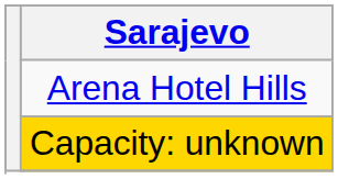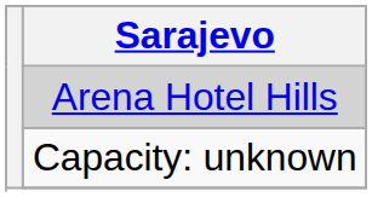 <table class="wikitable" style="text-align:center">
 <tr>
 <th rowspan="8" colspan="2"></th>
 <th><a href='#'>Sarajevo</a></th>
 </tr>
 <tr>
-<td><a href='#'>Arena Hotel Hills</a></td>
+<td style="background: lightgrey;"><a href='#'>Arena Hotel Hills</a></td>
 </tr>
 <tr>
-<td style="background: gold;">Capacity: unknown</td>
+<td>Capacity: unknown</td>
 </tr>
 <tr>
 </tr>
 </table>
